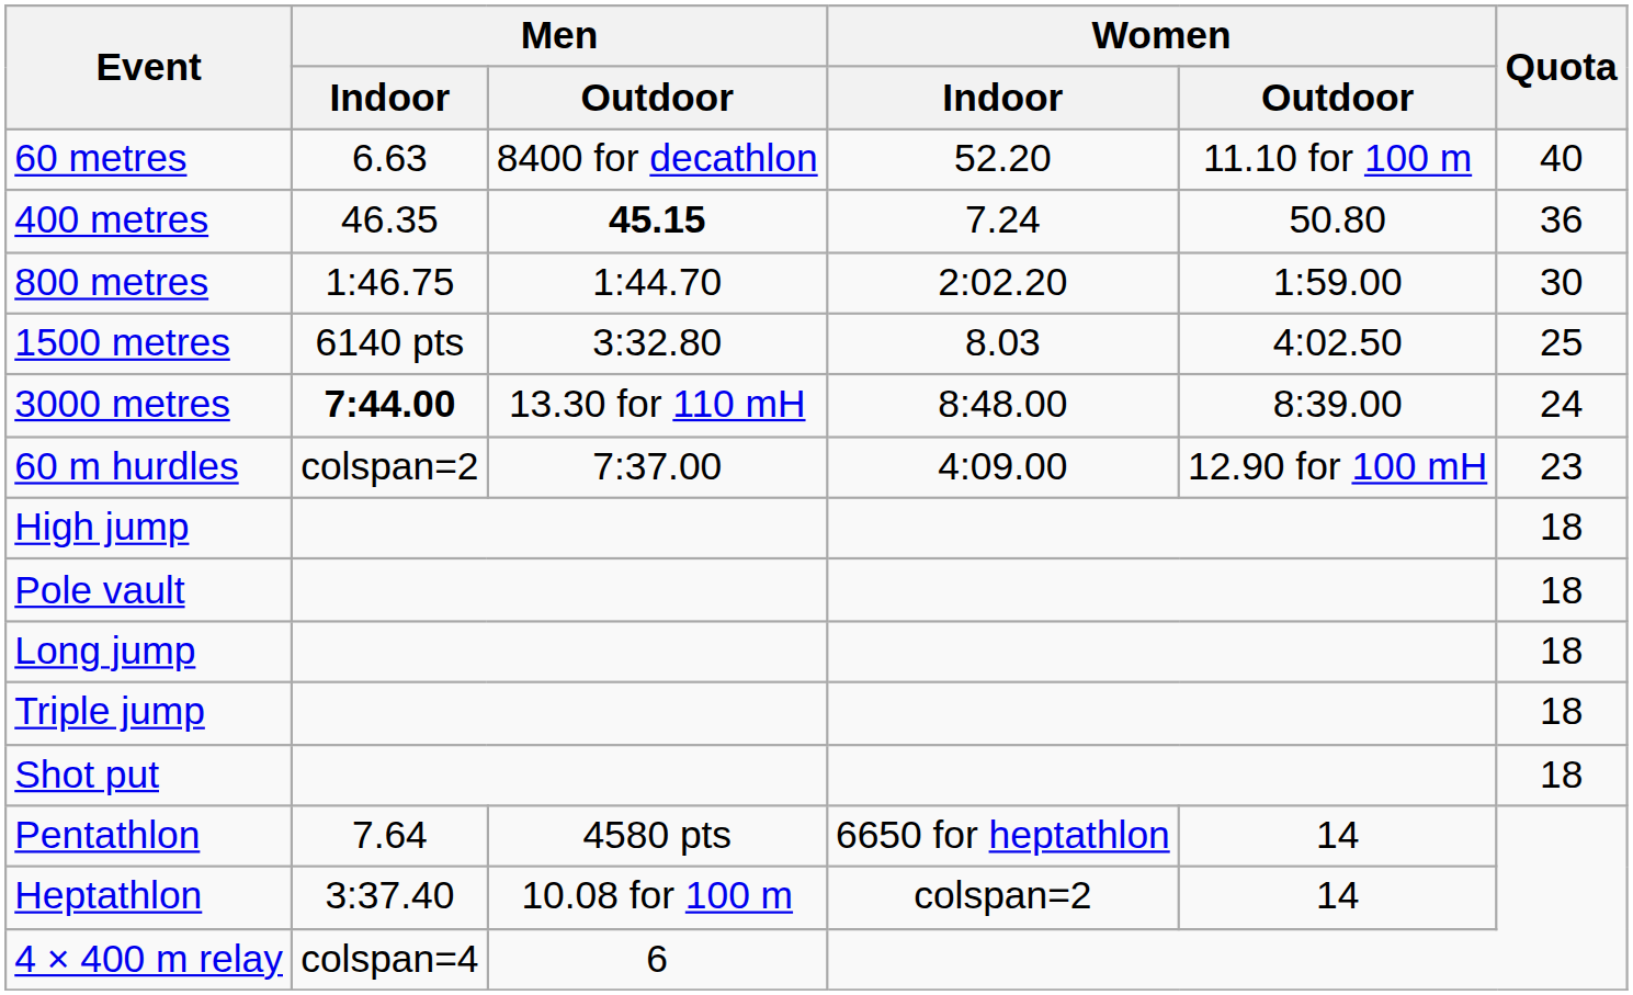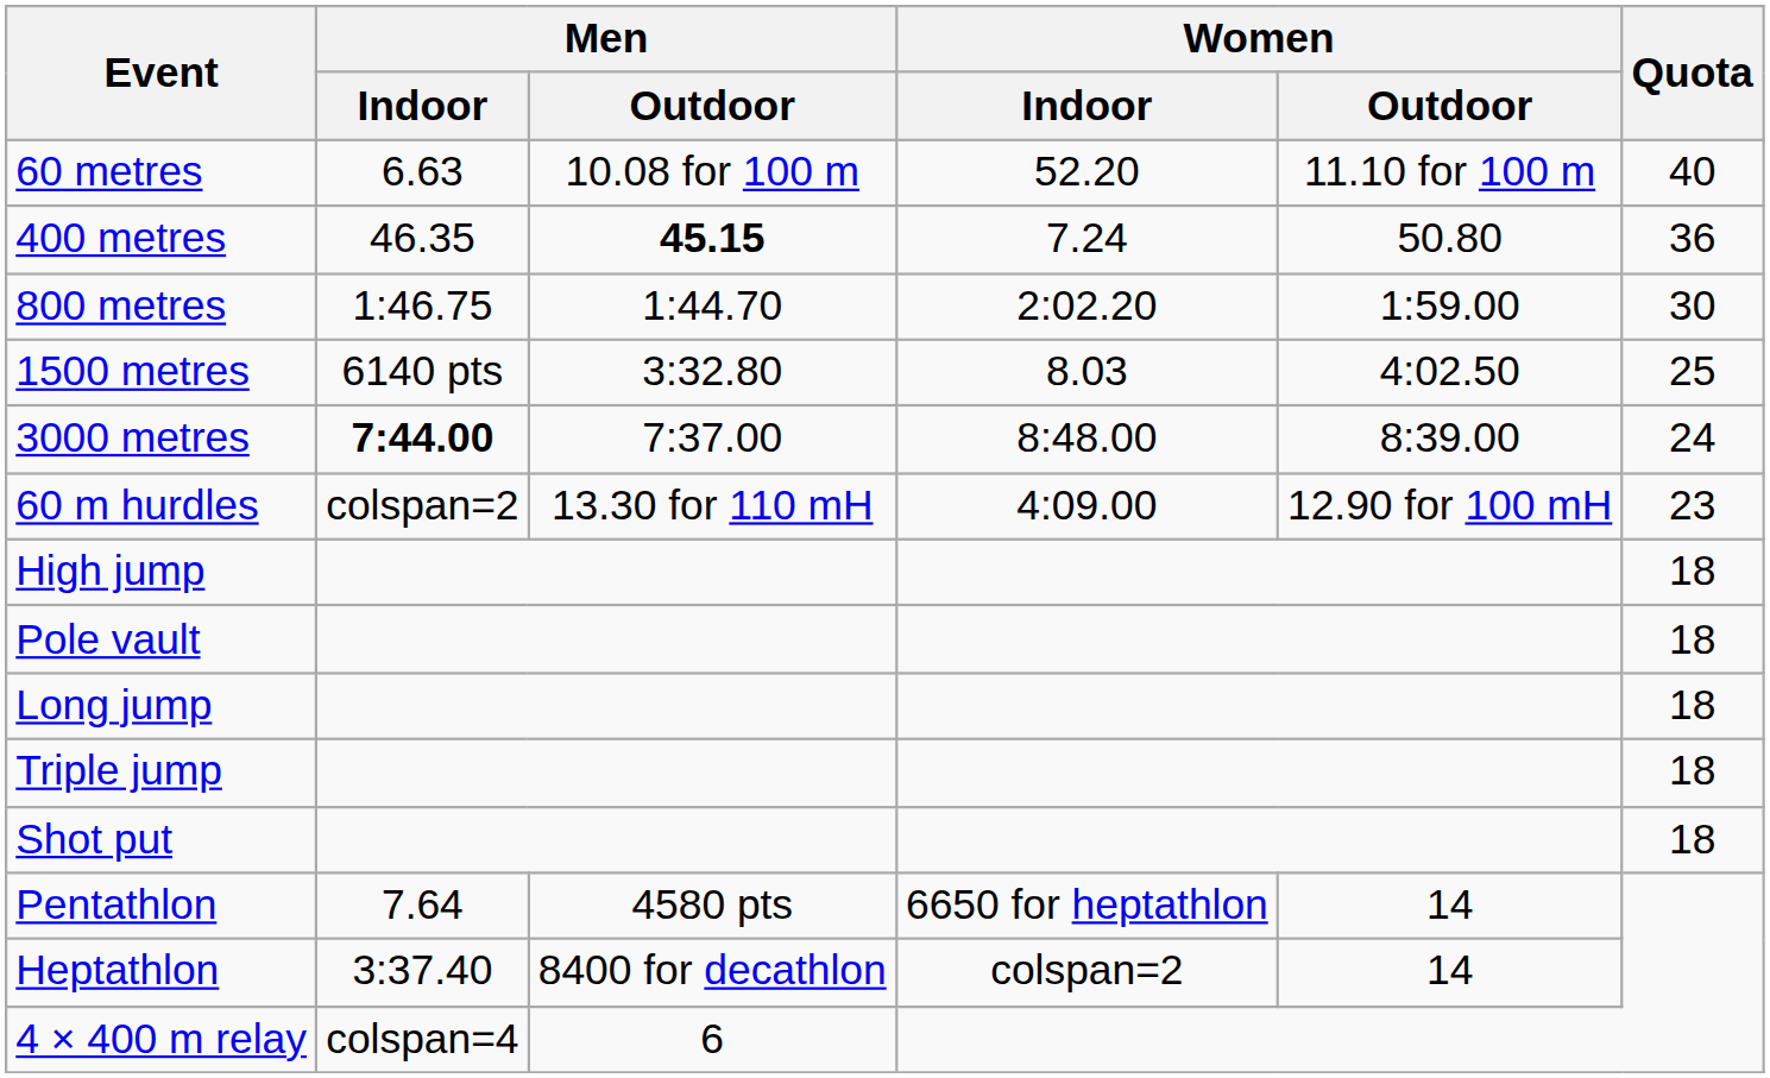 <table class="wikitable mw-datatable mw-collapsible mw-collapsed" style="text-align:center;">
 <tr>
 <th rowspan=2>Event</th>
 <th colspan=2>Men</th>
 <th colspan=2>Women</th>
 <th rowspan=2>Quota</th>
 </tr>
 <tr>
 <th>Indoor</th>
 <th>Outdoor</th>
 <th>Indoor</th>
 <th>Outdoor</th>
 </tr>
 <tr>
 <td align=left><a href='#'>60 metres</a></td>
 <td>6.63</td>
-<td>8400 for <a href='#'>decathlon</a></td>
+<td>10.08 for <a href='#'>100 m</a></td>
 <td>52.20</td>
 <td>11.10 for <a href='#'>100 m</a></td>
 <td>40</td>
 </tr>
 <tr>
 <td align=left><a href='#'>400 metres</a></td>
 <td>46.35</td>
 <td><strong>45.15</strong></td>
 <td>7.24</td>
 <td>50.80</td>
 <td>36</td>
 </tr>
 <tr>
 <td align=left><a href='#'>800 metres</a></td>
 <td>1:46.75</td>
 <td>1:44.70</td>
 <td>2:02.20</td>
 <td>1:59.00</td>
 <td>30</td>
 </tr>
 <tr>
 <td align=left><a href='#'>1500 metres</a></td>
 <td>6140 pts</td>
 <td>3:32.80</td>
 <td>8.03</td>
 <td>4:02.50</td>
 <td>25</td>
 </tr>
 <tr>
 <td align=left><a href='#'>3000 metres</a></td>
 <td><strong>7:44.00</strong></td>
-<td>13.30 for <a href='#'>110 mH</a></td>
+<td>7:37.00</td>
 <td>8:48.00</td>
 <td>8:39.00</td>
 <td>24</td>
 </tr>
 <tr>
 <td align=left><a href='#'>60 m hurdles</a></td>
 <td>colspan=2 </td>
-<td>7:37.00</td>
+<td>13.30 for <a href='#'>110 mH</a></td>
 <td>4:09.00</td>
 <td>12.90 for <a href='#'>100 mH</a></td>
 <td>23</td>
 </tr>
 <tr>
 <td align=left><a href='#'>High jump</a></td>
 <td colspan=2></td>
 <td colspan=2></td>
 <td>18</td>
 </tr>
 <tr>
 <td align=left><a href='#'>Pole vault</a></td>
 <td colspan=2></td>
 <td colspan=2></td>
 <td>18</td>
 </tr>
 <tr>
 <td align=left><a href='#'>Long jump</a></td>
 <td colspan=2></td>
 <td colspan=2></td>
 <td>18</td>
 </tr>
 <tr>
 <td align=left><a href='#'>Triple jump</a></td>
 <td colspan=2></td>
 <td colspan=2></td>
 <td>18</td>
 </tr>
 <tr>
 <td align=left><a href='#'>Shot put</a></td>
 <td colspan=2></td>
 <td colspan=2></td>
 <td>18</td>
 </tr>
 <tr>
 <td align=left><a href='#'>Pentathlon</a></td>
 <td>7.64</td>
 <td>4580 pts</td>
 <td>6650 for <a href='#'>heptathlon</a></td>
 <td>14</td>
 </tr>
 <tr>
 <td align=left><a href='#'>Heptathlon</a></td>
 <td>3:37.40</td>
-<td>10.08 for <a href='#'>100 m</a></td>
+<td>8400 for <a href='#'>decathlon</a></td>
 <td>colspan=2 </td>
 <td>14</td>
 </tr>
 <tr>
 <td align=left><a href='#'>4 × 400 m relay</a></td>
 <td>colspan=4 </td>
 <td>6</td>
 </tr>
 </table>
